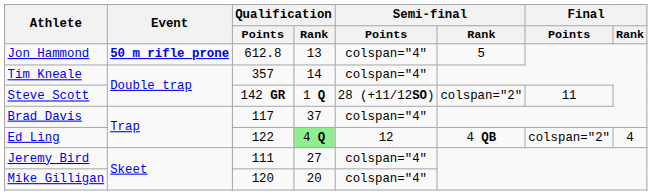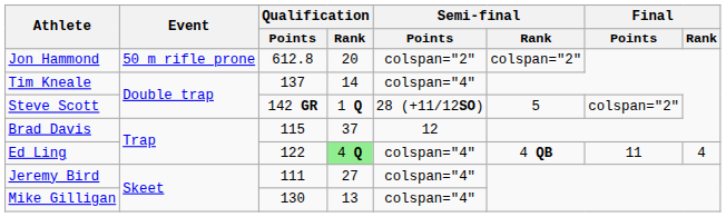 <table class="wikitable" style="font-size:90%;">
 <tr>
 <th rowspan=2>Athlete</th>
 <th rowspan=2>Event</th>
 <th colspan=2>Qualification</th>
 <th colspan=2>Semi-final</th>
 <th colspan=2>Final</th>
 </tr>
 <tr style="font-size:95%">
 <th>Points</th>
 <th>Rank</th>
 <th>Points</th>
 <th>Rank</th>
 <th>Points</th>
 <th>Rank</th>
 </tr>
 <tr align=center>
 <td align=left><a href='#'>Jon Hammond</a></td>
-<td align=left><strong><a href='#'>50 m rifle prone</a></strong></td>
+<td align=left><a href='#'>50 m rifle prone</a></td>
 <td>612.8</td>
-<td>13</td>
-<td>colspan="4" </td>
-<td>5</td>
+<td>20</td>
+<td>colspan="2" </td>
+<td>colspan="2" </td>
 </tr>
 <tr align=center>
 <td align=left><a href='#'>Tim Kneale</a></td>
 <td style="text-align:left;" rowspan="2"><a href='#'>Double trap</a></td>
-<td>357</td>
+<td>137</td>
 <td>14</td>
 <td>colspan="4" </td>
 </tr>
 <tr align=center>
 <td align=left><a href='#'>Steve Scott</a></td>
 <td>142 <strong>GR</strong></td>
 <td>1 <strong>Q</strong></td>
 <td>28 (+11/12<strong>SO</strong>)</td>
+<td>5</td>
 <td>colspan="2" </td>
-<td>11</td>
 </tr>
 <tr align=center>
 <td align=left><a href='#'>Brad Davis</a></td>
 <td style="text-align:left;" rowspan="2"><a href='#'>Trap</a></td>
-<td>117</td>
+<td>115</td>
 <td>37</td>
-<td>colspan="4" </td>
+<td>12</td>
 </tr>
 <tr align=center>
 <td align=left><a href='#'>Ed Ling</a></td>
 <td>122</td>
 <td style="background: lightgreen;">4 <strong>Q</strong></td>
-<td>12</td>
+<td>colspan="4" </td>
 <td>4 <strong>QB</strong></td>
-<td>colspan="2" </td>
+<td>11</td>
 <td>4</td>
 </tr>
 <tr align=center>
 <td align=left><a href='#'>Jeremy Bird</a></td>
 <td style="text-align:left;" rowspan="2"><a href='#'>Skeet</a></td>
 <td>111</td>
 <td>27</td>
 <td>colspan="4" </td>
 </tr>
 <tr align=center>
 <td align=left><a href='#'>Mike Gilligan</a></td>
-<td>120</td>
-<td>20</td>
+<td>130</td>
+<td>13</td>
 <td>colspan="4" </td>
 </tr>
 </table>
